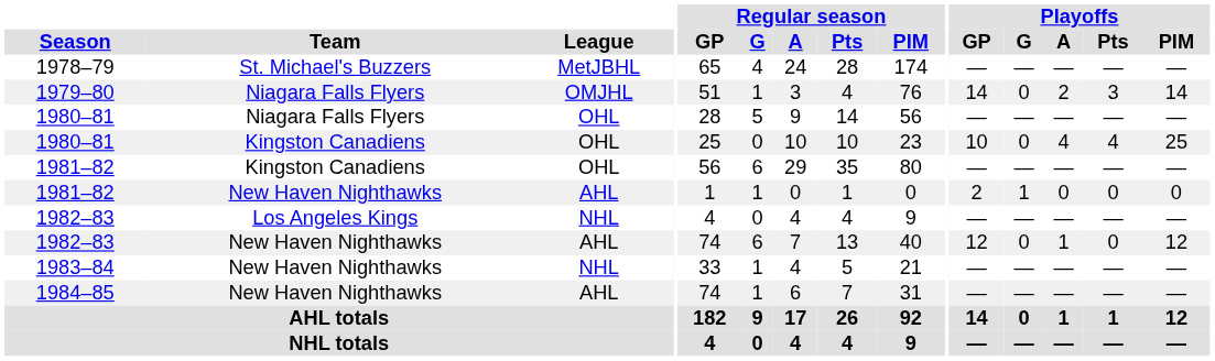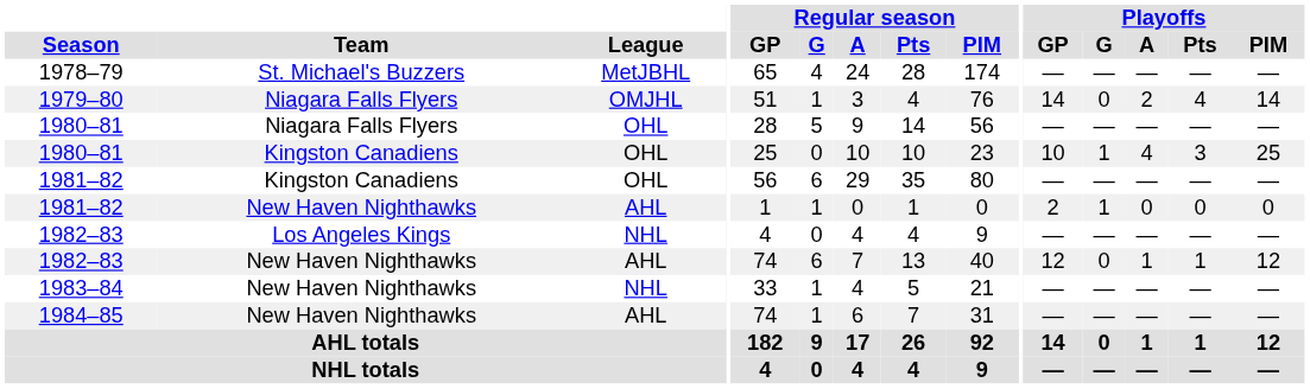 <table border="0" cellpadding="1" cellspacing="0" style="text-align:center; width:60em">
 <tr bgcolor="#e0e0e0">
 <th colspan="3" bgcolor="#ffffff"></th>
 <th rowspan="100" bgcolor="#ffffff"></th>
 <th colspan="5"><a href='#'>Regular season</a></th>
 <th rowspan="100" bgcolor="#ffffff"></th>
 <th colspan="5"><a href='#'>Playoffs</a></th>
 </tr>
 <tr bgcolor="#e0e0e0">
 <th><a href='#'>Season</a></th>
 <th>Team</th>
 <th>League</th>
 <th>GP</th>
 <th><a href='#'>G</a></th>
 <th><a href='#'>A</a></th>
 <th><a href='#'>Pts</a></th>
 <th><a href='#'>PIM</a></th>
 <th>GP</th>
 <th>G</th>
 <th>A</th>
 <th>Pts</th>
 <th>PIM</th>
 </tr>
 <tr>
 <td>1978–79</td>
 <td><a href='#'>St. Michael's Buzzers</a></td>
 <td><a href='#'>MetJBHL</a></td>
 <td>65</td>
 <td>4</td>
 <td>24</td>
 <td>28</td>
 <td>174</td>
 <td>—</td>
 <td>—</td>
 <td>—</td>
 <td>—</td>
 <td>—</td>
 </tr>
 <tr bgcolor="#f0f0f0">
 <td><a href='#'>1979–80</a></td>
 <td><a href='#'>Niagara Falls Flyers</a></td>
 <td><a href='#'>OMJHL</a></td>
 <td>51</td>
 <td>1</td>
 <td>3</td>
 <td>4</td>
 <td>76</td>
 <td>14</td>
 <td>0</td>
 <td>2</td>
-<td>3</td>
+<td>4</td>
 <td>14</td>
 </tr>
 <tr>
 <td><a href='#'>1980–81</a></td>
 <td>Niagara Falls Flyers</td>
 <td><a href='#'>OHL</a></td>
 <td>28</td>
 <td>5</td>
 <td>9</td>
 <td>14</td>
 <td>56</td>
 <td>—</td>
 <td>—</td>
 <td>—</td>
 <td>—</td>
 <td>—</td>
 </tr>
 <tr bgcolor="#f0f0f0">
 <td><a href='#'>1980–81</a></td>
 <td><a href='#'>Kingston Canadiens</a></td>
 <td>OHL</td>
 <td>25</td>
 <td>0</td>
 <td>10</td>
 <td>10</td>
 <td>23</td>
 <td>10</td>
-<td>0</td>
+<td>1</td>
 <td>4</td>
-<td>4</td>
+<td>3</td>
 <td>25</td>
 </tr>
 <tr>
 <td><a href='#'>1981–82</a></td>
 <td>Kingston Canadiens</td>
 <td>OHL</td>
 <td>56</td>
 <td>6</td>
 <td>29</td>
 <td>35</td>
 <td>80</td>
 <td>—</td>
 <td>—</td>
 <td>—</td>
 <td>—</td>
 <td>—</td>
 </tr>
 <tr bgcolor="#f0f0f0">
 <td><a href='#'>1981–82</a></td>
 <td><a href='#'>New Haven Nighthawks</a></td>
 <td><a href='#'>AHL</a></td>
 <td>1</td>
 <td>1</td>
 <td>0</td>
 <td>1</td>
 <td>0</td>
 <td>2</td>
 <td>1</td>
 <td>0</td>
 <td>0</td>
 <td>0</td>
 </tr>
 <tr>
 <td><a href='#'>1982–83</a></td>
 <td><a href='#'>Los Angeles Kings</a></td>
 <td><a href='#'>NHL</a></td>
 <td>4</td>
 <td>0</td>
 <td>4</td>
 <td>4</td>
 <td>9</td>
 <td>—</td>
 <td>—</td>
 <td>—</td>
 <td>—</td>
 <td>—</td>
 </tr>
 <tr bgcolor="#f0f0f0">
 <td><a href='#'>1982–83</a></td>
 <td>New Haven Nighthawks</td>
 <td>AHL</td>
 <td>74</td>
 <td>6</td>
 <td>7</td>
 <td>13</td>
 <td>40</td>
 <td>12</td>
 <td>0</td>
 <td>1</td>
-<td>0</td>
+<td>1</td>
 <td>12</td>
 </tr>
 <tr>
 <td><a href='#'>1983–84</a></td>
 <td>New Haven Nighthawks</td>
 <td><a href='#'>NHL</a></td>
 <td>33</td>
 <td>1</td>
 <td>4</td>
 <td>5</td>
 <td>21</td>
 <td>—</td>
 <td>—</td>
 <td>—</td>
 <td>—</td>
 <td>—</td>
 </tr>
 <tr bgcolor="#f0f0f0">
 <td><a href='#'>1984–85</a></td>
 <td>New Haven Nighthawks</td>
 <td>AHL</td>
 <td>74</td>
 <td>1</td>
 <td>6</td>
 <td>7</td>
 <td>31</td>
 <td>—</td>
 <td>—</td>
 <td>—</td>
 <td>—</td>
 <td>—</td>
 </tr>
 <tr bgcolor="#e0e0e0">
 <th colspan="3">AHL totals</th>
 <th>182</th>
 <th>9</th>
 <th>17</th>
 <th>26</th>
 <th>92</th>
 <th>14</th>
 <th>0</th>
 <th>1</th>
 <th>1</th>
 <th>12</th>
 </tr>
 <tr bgcolor="#e0e0e0">
 <th colspan="3">NHL totals</th>
 <th>4</th>
 <th>0</th>
 <th>4</th>
 <th>4</th>
 <th>9</th>
 <th>—</th>
 <th>—</th>
 <th>—</th>
 <th>—</th>
 <th>—</th>
 </tr>
 </table>
